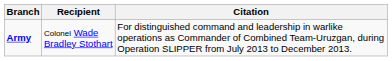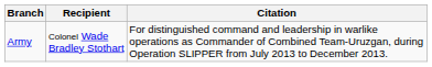 <table class="wikitable" style="font-size:95%;">
 <tr>
 <th>Branch</th>
 <th>Recipient</th>
 <th>Citation</th>
 </tr>
 <tr>
-<td><strong><a href='#'>Army</a></strong></td>
+<td><a href='#'>Army</a></td>
 <td><small>Colonel</small> <a href='#'>Wade Bradley Stothart</a> </td>
 <td>For distinguished command and leadership in warlike operations as Commander of Combined Team-Uruzgan, during Operation SLIPPER from July 2013 to December 2013.</td>
 </tr>
 </table>
